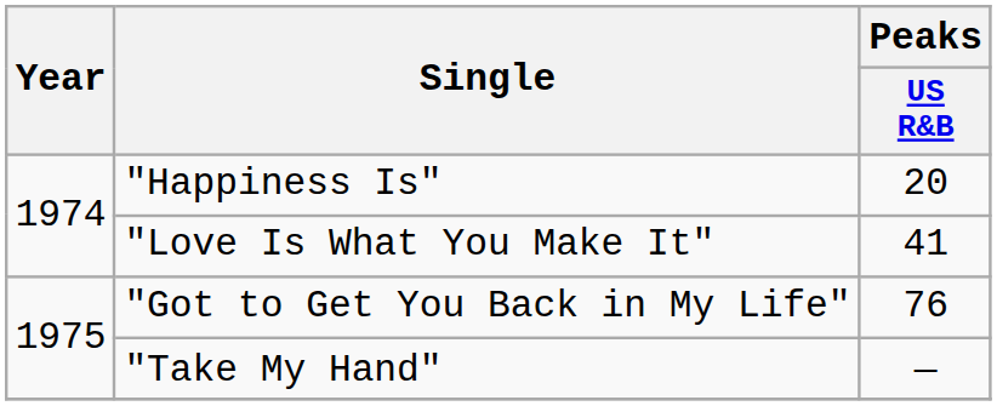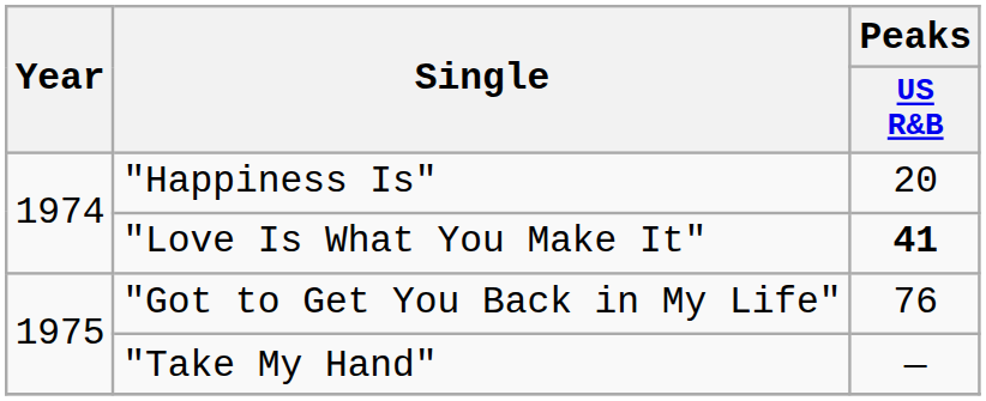 <table class="wikitable" style="text-align:center;">
 <tr>
 <th rowspan="2">Year</th>
 <th rowspan="2">Single</th>
 <th colspan="1">Peaks</th>
 </tr>
 <tr style="font-size:smaller;">
 <th width="35"><a href='#'>US<br>R&B</a><br></th>
 </tr>
 <tr>
 <td rowspan="2">1974</td>
 <td align="left">"Happiness Is"</td>
 <td>20</td>
 </tr>
 <tr>
 <td align="left">"Love Is What You Make It"</td>
-<td>41</td>
+<td><strong>41</strong></td>
 </tr>
 <tr>
 <td rowspan="2">1975</td>
 <td align="left">"Got to Get You Back in My Life"</td>
 <td>76</td>
 </tr>
 <tr>
 <td align="left">"Take My Hand"</td>
 <td>—</td>
 </tr>
 <tr>
 </tr>
 </table>
